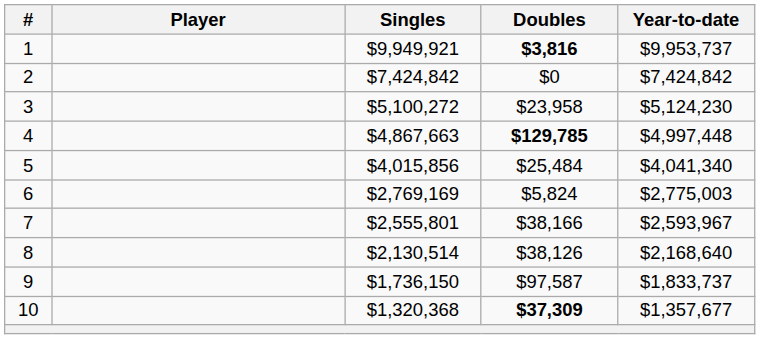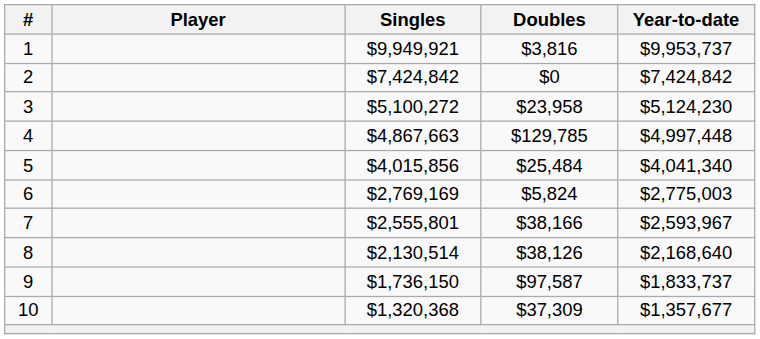 <table class="sortable wikitable" style=text-align:center;font-size:90%>
 <tr>
 <th width=30>#</th>
 <th width=222>Player</th>
 <th width=100>Singles</th>
 <th width=100>Doubles</th>
 <th width=100>Year-to-date</th>
 </tr>
 <tr>
 <td>1</td>
 <td align=left></td>
 <td>$9,949,921</td>
-<td><strong>$3,816</strong></td>
+<td>$3,816</td>
 <td>$9,953,737</td>
 </tr>
 <tr>
 <td>2</td>
 <td align=left></td>
 <td>$7,424,842</td>
 <td>$0</td>
 <td>$7,424,842</td>
 </tr>
 <tr>
 <td>3</td>
 <td align=left></td>
 <td>$5,100,272</td>
 <td>$23,958</td>
 <td>$5,124,230</td>
 </tr>
 <tr>
 <td>4</td>
 <td align=left></td>
 <td>$4,867,663</td>
-<td><strong>$129,785</strong></td>
+<td>$129,785</td>
 <td>$4,997,448</td>
 </tr>
 <tr>
 <td>5</td>
 <td align=left></td>
 <td>$4,015,856</td>
 <td>$25,484</td>
 <td>$4,041,340</td>
 </tr>
 <tr>
 <td>6</td>
 <td align=left></td>
 <td>$2,769,169</td>
 <td>$5,824</td>
 <td>$2,775,003</td>
 </tr>
 <tr>
 <td>7</td>
 <td align=left></td>
 <td>$2,555,801</td>
 <td>$38,166</td>
 <td>$2,593,967</td>
 </tr>
 <tr>
 <td>8</td>
 <td align=left></td>
 <td>$2,130,514</td>
 <td>$38,126</td>
 <td>$2,168,640</td>
 </tr>
 <tr>
 <td>9</td>
 <td align=left></td>
 <td>$1,736,150</td>
 <td>$97,587</td>
 <td>$1,833,737</td>
 </tr>
 <tr>
 <td>10</td>
 <td align=left></td>
 <td>$1,320,368</td>
-<td><strong>$37,309</strong></td>
+<td>$37,309</td>
 <td>$1,357,677</td>
 </tr>
 <tr class=sortbottom>
 <th colspan=6></th>
 </tr>
 </table>
